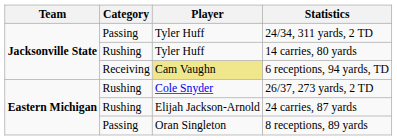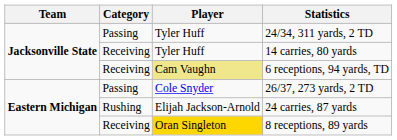 <table class="wikitable" style="float: right;">
 <tr>
 <th>Team</th>
 <th>Category</th>
 <th>Player</th>
 <th>Statistics</th>
 </tr>
 <tr>
 <td rowspan=3><strong>Jacksonville State</strong></td>
 <td>Passing</td>
 <td>Tyler Huff</td>
 <td>24/34, 311 yards, 2 TD</td>
 </tr>
 <tr>
-<td>Rushing</td>
+<td>Receiving</td>
 <td>Tyler Huff</td>
 <td>14 carries, 80 yards</td>
 </tr>
 <tr>
 <td>Receiving</td>
 <td style="background: khaki;">Cam Vaughn</td>
 <td>6 receptions, 94 yards, TD</td>
 </tr>
 <tr>
 <td rowspan=3><strong>Eastern Michigan</strong></td>
-<td>Rushing</td>
+<td>Passing</td>
 <td><a href='#'>Cole Snyder</a></td>
 <td>26/37, 273 yards, 2 TD</td>
 </tr>
 <tr>
 <td>Rushing</td>
 <td>Elijah Jackson-Arnold</td>
 <td>24 carries, 87 yards</td>
 </tr>
 <tr>
-<td>Passing</td>
-<td>Oran Singleton</td>
+<td>Receiving</td>
+<td style="background: gold;">Oran Singleton</td>
 <td>8 receptions, 89 yards</td>
 </tr>
 </table>
